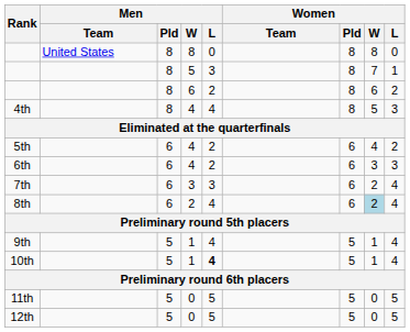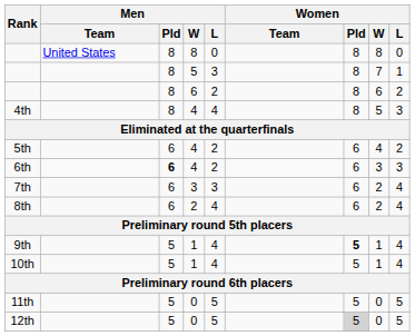 <table class=wikitable>
 <tr>
 <th rowspan=2>Rank</th>
 <th colspan=4>Men</th>
 <th colspan=4>Women</th>
 </tr>
 <tr>
 <th width=150px>Team</th>
 <th width=20px>Pld</th>
 <th width=20px>W</th>
 <th width=20px>L</th>
 <th width=150px>Team</th>
 <th width=20px>Pld</th>
 <th width=20px>W</th>
 <th width=20px>L</th>
 </tr>
 <tr align=center>
 <td></td>
 <td align=left> <a href='#'>United States</a></td>
 <td>8</td>
 <td>8</td>
 <td>0</td>
 <td align=left></td>
 <td>8</td>
 <td>8</td>
 <td>0</td>
 </tr>
 <tr align=center>
 <td></td>
 <td align=left></td>
 <td>8</td>
 <td>5</td>
 <td>3</td>
 <td align=left></td>
 <td>8</td>
 <td>7</td>
 <td>1</td>
 </tr>
 <tr align=center>
 <td></td>
 <td align=left></td>
 <td>8</td>
 <td>6</td>
 <td>2</td>
 <td align=left></td>
 <td>8</td>
 <td>6</td>
 <td>2</td>
 </tr>
 <tr align=center>
 <td>4th</td>
 <td align=left></td>
 <td>8</td>
 <td>4</td>
 <td>4</td>
 <td align=left></td>
 <td>8</td>
 <td>5</td>
 <td>3</td>
 </tr>
 <tr>
 <th colspan=9>Eliminated at the quarterfinals</th>
 </tr>
 <tr align=center>
 <td>5th</td>
 <td align=left></td>
 <td>6</td>
 <td>4</td>
 <td>2</td>
 <td align=left></td>
 <td>6</td>
 <td>4</td>
 <td>2</td>
 </tr>
 <tr align=center>
 <td>6th</td>
 <td align=left></td>
-<td>6</td>
+<td><strong>6</strong></td>
 <td>4</td>
 <td>2</td>
 <td align=left></td>
 <td>6</td>
 <td>3</td>
 <td>3</td>
 </tr>
 <tr align=center>
 <td>7th</td>
 <td align=left></td>
 <td>6</td>
 <td>3</td>
 <td>3</td>
 <td align=left></td>
 <td>6</td>
 <td>2</td>
 <td>4</td>
 </tr>
 <tr align=center>
 <td>8th</td>
 <td align=left></td>
 <td>6</td>
 <td>2</td>
 <td>4</td>
 <td align=left></td>
 <td>6</td>
-<td style="background: lightblue;">2</td>
+<td>2</td>
 <td>4</td>
 </tr>
 <tr>
 <th colspan=9>Preliminary round 5th placers</th>
 </tr>
 <tr align=center>
 <td>9th</td>
 <td align=left></td>
 <td>5</td>
 <td>1</td>
 <td>4</td>
 <td align=left></td>
-<td>5</td>
+<td><strong>5</strong></td>
 <td>1</td>
 <td>4</td>
 </tr>
 <tr align=center>
 <td>10th</td>
 <td align=left></td>
 <td>5</td>
 <td>1</td>
-<td><strong>4</strong></td>
+<td>4</td>
 <td align=left></td>
 <td>5</td>
 <td>1</td>
 <td>4</td>
 </tr>
 <tr>
 <th colspan=9>Preliminary round 6th placers</th>
 </tr>
 <tr align=center>
 <td>11th</td>
 <td align=left></td>
 <td>5</td>
 <td>0</td>
 <td>5</td>
 <td align=left></td>
 <td>5</td>
 <td>0</td>
 <td>5</td>
 </tr>
 <tr align=center>
 <td>12th</td>
 <td align=left></td>
 <td>5</td>
 <td>0</td>
 <td>5</td>
 <td align=left></td>
-<td>5</td>
+<td style="background: lightgrey;">5</td>
 <td>0</td>
 <td>5</td>
 </tr>
 </table>
